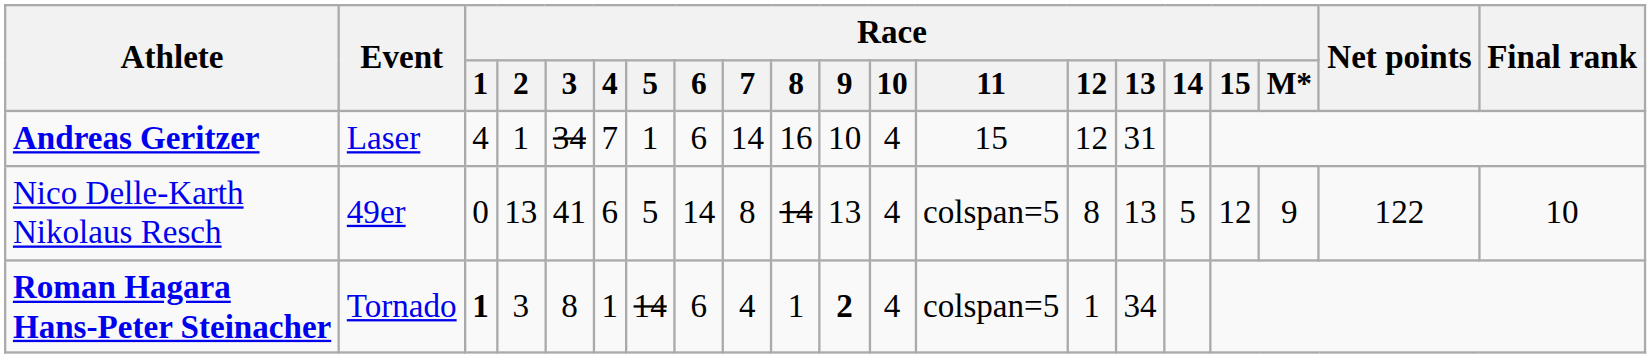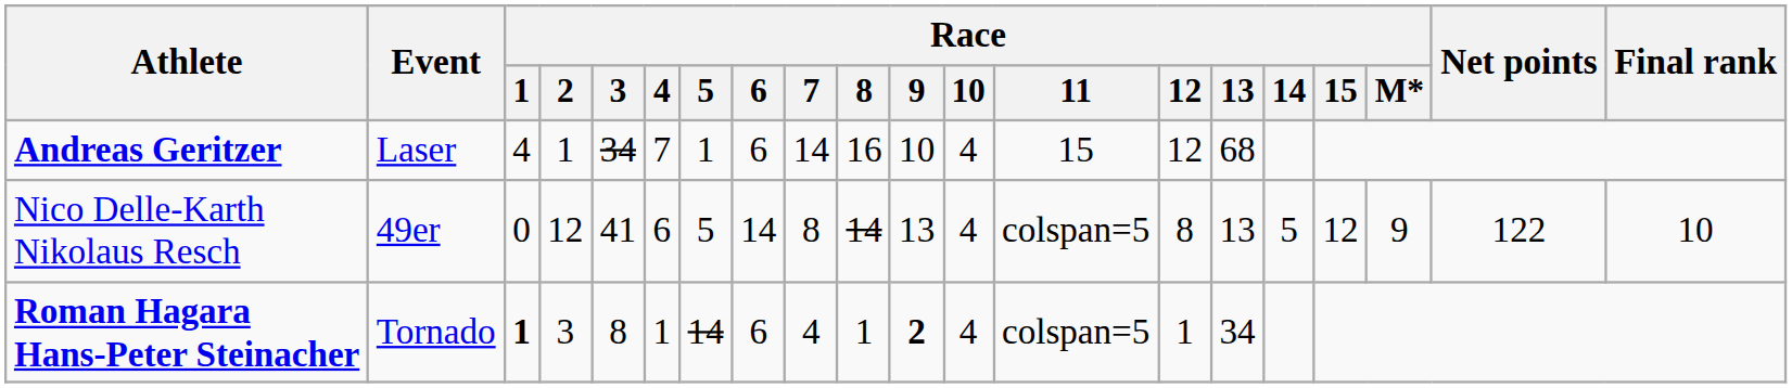 <table class="wikitable" style="font-size:90%">
 <tr>
 <th rowspan=2>Athlete</th>
 <th rowspan=2>Event</th>
 <th colspan=16>Race</th>
 <th rowspan=2>Net points</th>
 <th rowspan=2>Final rank</th>
 </tr>
 <tr style="font-size:95%">
 <th>1</th>
 <th>2</th>
 <th>3</th>
 <th>4</th>
 <th>5</th>
 <th>6</th>
 <th>7</th>
 <th>8</th>
 <th>9</th>
 <th>10</th>
 <th>11</th>
 <th>12</th>
 <th>13</th>
 <th>14</th>
 <th>15</th>
 <th>M*</th>
 </tr>
 <tr align=center>
 <td align=left><strong><a href='#'>Andreas Geritzer</a></strong></td>
 <td align=left><a href='#'>Laser</a></td>
 <td>4</td>
 <td>1</td>
 <td><s>34</s></td>
 <td>7</td>
 <td>1</td>
 <td>6</td>
 <td>14</td>
 <td>16</td>
 <td>10</td>
 <td>4</td>
 <td>15</td>
 <td>12</td>
-<td>31</td>
+<td>68</td>
 <td></td>
 </tr>
 <tr align=center>
 <td align=left><a href='#'>Nico Delle-Karth</a><br><a href='#'>Nikolaus Resch</a></td>
 <td align=left><a href='#'>49er</a></td>
 <td>0</td>
-<td>13</td>
+<td>12</td>
 <td>41</td>
 <td>6</td>
 <td>5</td>
 <td>14</td>
 <td>8</td>
 <td><s>14</s></td>
 <td>13</td>
 <td>4</td>
 <td>colspan=5 </td>
 <td>8</td>
 <td>13</td>
 <td>5</td>
 <td>12</td>
 <td>9</td>
 <td>122</td>
 <td>10</td>
 </tr>
 <tr align=center>
 <td align=left><strong><a href='#'>Roman Hagara</a><br><a href='#'>Hans-Peter Steinacher</a></strong></td>
 <td align=left><a href='#'>Tornado</a></td>
 <td><strong>1</strong></td>
 <td>3</td>
 <td>8</td>
 <td>1</td>
 <td><s>14</s></td>
 <td>6</td>
 <td>4</td>
 <td>1</td>
 <td><strong>2</strong></td>
 <td>4</td>
 <td>colspan=5 </td>
 <td>1</td>
 <td>34</td>
 <td></td>
 </tr>
 </table>
